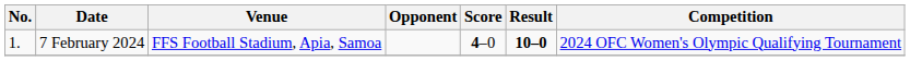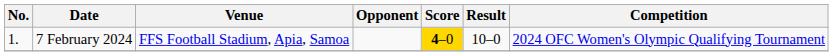 <table class="wikitable">
 <tr>
 <th>No.</th>
 <th>Date</th>
 <th>Venue</th>
 <th>Opponent</th>
 <th>Score</th>
 <th>Result</th>
 <th>Competition</th>
 </tr>
 <tr>
 <td>1.</td>
 <td>7 February 2024</td>
 <td><a href='#'>FFS Football Stadium</a>, <a href='#'>Apia</a>, <a href='#'>Samoa</a></td>
 <td></td>
-<td align=center><strong>4</strong>–0</td>
-<td align=center><strong>10–0</strong></td>
+<td align=center style="background: gold;"><strong>4</strong>–0</td>
+<td align=center>10–0</td>
 <td><a href='#'>2024 OFC Women's Olympic Qualifying Tournament</a></td>
 </tr>
 <tr>
 </tr>
 </table>
